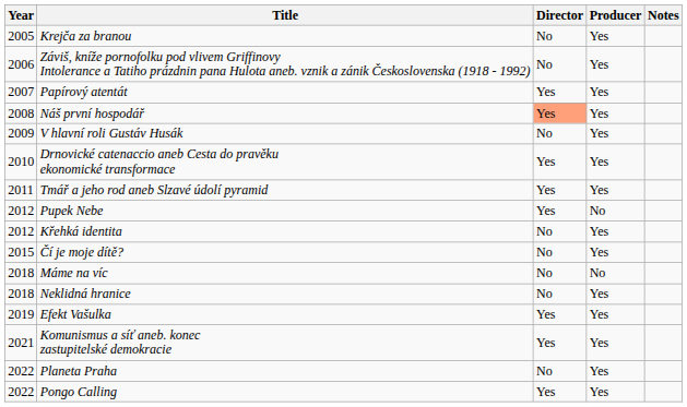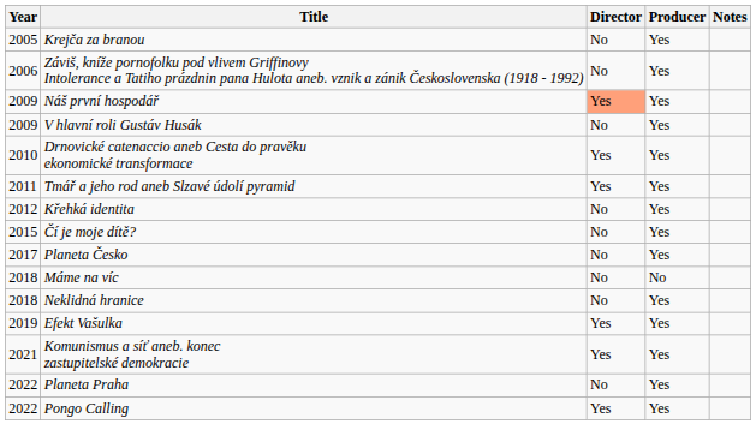 <table class="wikitable">
 <tr>
 <th>Year</th>
 <th>Title</th>
 <th>Director</th>
 <th>Producer</th>
 <th>Notes</th>
 </tr>
 <tr>
 <td>2005</td>
 <td><em>Krejča za branou</em></td>
 <td>No</td>
 <td>Yes</td>
 <td></td>
 </tr>
 <tr>
 <td>2006</td>
 <td><em>Záviš, kníže pornofolku pod vlivem Griffinovy</em><br><em>Intolerance a Tatiho prázdnin pana Hulota aneb.</em>  <em>vznik a zánik Československa (1918 - 1992)</em></td>
 <td>No</td>
 <td>Yes</td>
 <td></td>
 </tr>
 <tr>
-<td>2007</td>
-<td><em>Papírový atentát</em></td>
-<td>Yes</td>
-<td>Yes</td>
-<td></td>
-</tr>
-<tr>
-<td>2008</td>
+<td>2009</td>
 <td><em>Náš první hospodář</em></td>
 <td style="background: lightsalmon;">Yes</td>
 <td>Yes</td>
 <td></td>
 </tr>
 <tr>
 <td>2009</td>
 <td><em>V hlavní roli Gustáv Husák</em></td>
 <td>No</td>
 <td>Yes</td>
 <td></td>
 </tr>
 <tr>
 <td>2010</td>
 <td><em>Drnovické catenaccio aneb Cesta do pravěku</em><br><em>ekonomické transformace</em></td>
 <td>Yes</td>
 <td>Yes</td>
 <td></td>
 </tr>
 <tr>
 <td>2011</td>
 <td><em>Tmář a jeho rod aneb Slzavé údolí pyramid</em></td>
 <td>Yes</td>
 <td>Yes</td>
 <td></td>
 </tr>
 <tr>
 <td>2012</td>
-<td><em>Pupek Nebe</em></td>
-<td>Yes</td>
-<td>No</td>
-<td></td>
-</tr>
-<tr>
-<td>2012</td>
 <td><em>Křehká identita</em></td>
 <td>No</td>
 <td>Yes</td>
 <td></td>
 </tr>
 <tr>
 <td>2015</td>
 <td><em>Čí je moje dítě?</em></td>
+<td>No</td>
+<td>Yes</td>
+<td></td>
+</tr>
+<tr>
+<td>2017</td>
+<td><em>Planeta Česko</em></td>
 <td>No</td>
 <td>Yes</td>
 <td></td>
 </tr>
 <tr>
 <td>2018</td>
 <td><em>Máme na víc</em></td>
 <td>No</td>
 <td>No</td>
 <td></td>
 </tr>
 <tr>
 <td>2018</td>
 <td><em>Neklidná hranice</em></td>
 <td>No</td>
 <td>Yes</td>
 <td></td>
 </tr>
 <tr>
 <td>2019</td>
 <td><em>Efekt Vašulka</em></td>
 <td>Yes</td>
 <td>Yes</td>
 <td></td>
 </tr>
 <tr>
 <td>2021</td>
 <td><em>Komunismus a síť aneb. konec</em><br><em>zastupitelské demokracie</em></td>
 <td>Yes</td>
 <td>Yes</td>
 <td></td>
 </tr>
 <tr>
 <td>2022</td>
 <td><em>Planeta Praha</em></td>
 <td>No</td>
 <td>Yes</td>
 <td></td>
 </tr>
 <tr>
 <td>2022</td>
 <td><em>Pongo Calling</em></td>
 <td>Yes</td>
 <td>Yes</td>
 <td></td>
 </tr>
 </table>
